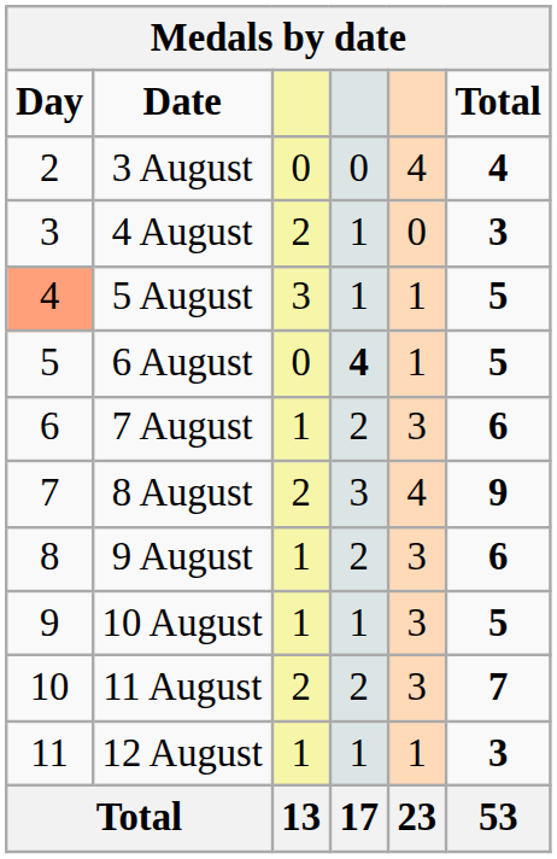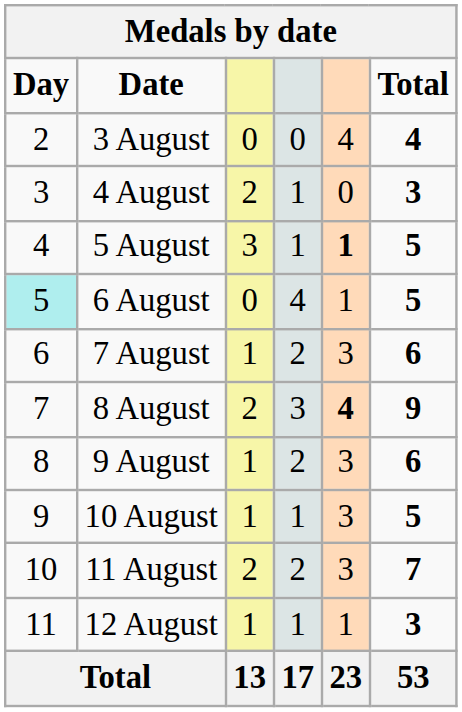 <table class="wikitable" style="font-size:85%; text-align:center;">
 <tr style="background:#efefef;">
 <th colspan=6><strong>Medals by date</strong></th>
 </tr>
 <tr>
 <td><strong>Day</strong></td>
 <td><strong>Date</strong></td>
 <td style="background:#F7F6A8;"></td>
 <td style="background:#DCE5E5;"></td>
 <td style="background:#FFDAB9;"></td>
 <td><strong>Total</strong></td>
 </tr>
 <tr>
 <td>2</td>
 <td>3 August</td>
 <td style="background:#F7F6A8;">0</td>
 <td style="background:#DCE5E5;">0</td>
 <td style="background:#FFDAB9;">4</td>
 <td><strong>4</strong></td>
 </tr>
 <tr>
 <td>3</td>
 <td>4 August</td>
 <td style="background:#F7F6A8;">2</td>
 <td style="background:#DCE5E5;">1</td>
 <td style="background:#FFDAB9;">0</td>
 <td><strong>3</strong></td>
 </tr>
 <tr>
-<td style="background: lightsalmon;">4</td>
+<td>4</td>
 <td>5 August</td>
 <td style="background:#F7F6A8;">3</td>
 <td style="background:#DCE5E5;">1</td>
-<td style="background:#FFDAB9;">1</td>
+<td style="background:#FFDAB9;"><strong>1</strong></td>
 <td><strong>5</strong></td>
 </tr>
 <tr>
-<td>5</td>
+<td style="background: paleturquoise;">5</td>
 <td>6 August</td>
 <td style="background:#F7F6A8;">0</td>
-<td style="background:#DCE5E5;"><strong>4</strong></td>
+<td style="background:#DCE5E5;">4</td>
 <td style="background:#FFDAB9;">1</td>
 <td><strong>5</strong></td>
 </tr>
 <tr>
 <td>6</td>
 <td>7 August</td>
 <td style="background:#F7F6A8;">1</td>
 <td style="background:#DCE5E5;">2</td>
 <td style="background:#FFDAB9;">3</td>
 <td><strong>6</strong></td>
 </tr>
 <tr>
 <td>7</td>
 <td>8 August</td>
 <td style="background:#F7F6A8;">2</td>
 <td style="background:#DCE5E5;">3</td>
-<td style="background:#FFDAB9;">4</td>
+<td style="background:#FFDAB9;"><strong>4</strong></td>
 <td><strong>9</strong></td>
 </tr>
 <tr>
 <td>8</td>
 <td>9 August</td>
 <td style="background:#F7F6A8;">1</td>
 <td style="background:#DCE5E5;">2</td>
 <td style="background:#FFDAB9;">3</td>
 <td><strong>6</strong></td>
 </tr>
 <tr>
 <td>9</td>
 <td>10 August</td>
 <td style="background:#F7F6A8;">1</td>
 <td style="background:#DCE5E5;">1</td>
 <td style="background:#FFDAB9;">3</td>
 <td><strong>5</strong></td>
 </tr>
 <tr>
 <td>10</td>
 <td>11 August</td>
 <td style="background:#F7F6A8;">2</td>
 <td style="background:#DCE5E5;">2</td>
 <td style="background:#FFDAB9;">3</td>
 <td><strong>7</strong></td>
 </tr>
 <tr>
 <td>11</td>
 <td>12 August</td>
 <td style="background:#F7F6A8;">1</td>
 <td style="background:#DCE5E5;">1</td>
 <td style="background:#FFDAB9;">1</td>
 <td><strong>3</strong></td>
 </tr>
 <tr>
 <th colspan="2">Total</th>
 <th>13</th>
 <th>17</th>
 <th>23</th>
 <th>53</th>
 </tr>
 </table>
